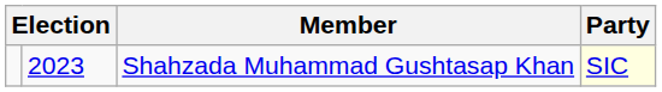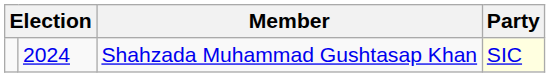 <table class="wikitable">
 <tr>
 <th colspan="2">Election</th>
 <th>Member</th>
 <th>Party</th>
 </tr>
 <tr>
 <td style="background-color: "></td>
-<td><a href='#'>2023</a></td>
+<td><a href='#'>2024</a></td>
 <td><a href='#'>Shahzada Muhammad Gushtasap Khan</a></td>
 <td style="background: lightyellow;"><a href='#'>SIC</a></td>
 </tr>
 </table>
